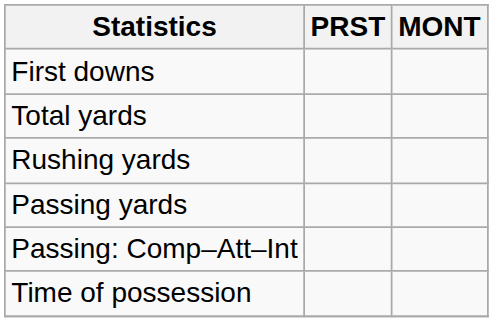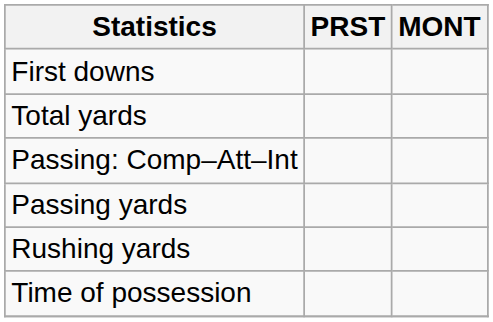 <table class="wikitable" style="float: left;">
 <tr>
 <th>Statistics</th>
 <th>PRST</th>
 <th>MONT</th>
 </tr>
 <tr>
 <td>First downs</td>
 <td></td>
 <td></td>
 </tr>
 <tr>
 <td>Total yards</td>
 <td></td>
 <td></td>
 </tr>
 <tr>
-<td>Rushing yards</td>
+<td>Passing: Comp–Att–Int</td>
 <td></td>
 <td></td>
 </tr>
 <tr>
 <td>Passing yards</td>
 <td></td>
 <td></td>
 </tr>
 <tr>
-<td>Passing: Comp–Att–Int</td>
+<td>Rushing yards</td>
 <td></td>
 <td></td>
 </tr>
 <tr>
 <td>Time of possession</td>
 <td></td>
 <td></td>
 </tr>
 <tr>
 </tr>
 </table>
